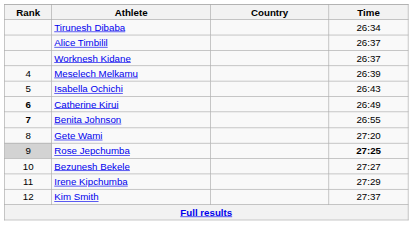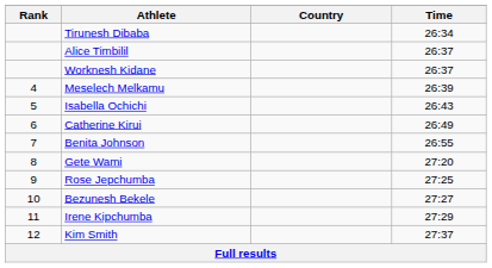 <table class="wikitable sortable" style=" text-align:center; font-size:95%;" width="50%">
 <tr>
 </tr>
 <tr>
 <th width=5%>Rank</th>
 <th width=20%>Athlete</th>
 <th width=15%>Country</th>
 <th width=10%>Time</th>
 </tr>
 <tr>
 <td align=center></td>
 <td align=left><a href='#'>Tirunesh Dibaba</a></td>
 <td align=left></td>
 <td>26:34</td>
 </tr>
 <tr>
 <td align=center></td>
 <td align=left><a href='#'>Alice Timbilil</a></td>
 <td align=left></td>
 <td>26:37</td>
 </tr>
 <tr>
 <td align=center></td>
 <td align=left><a href='#'>Worknesh Kidane</a></td>
 <td align=left></td>
 <td>26:37</td>
 </tr>
 <tr>
 <td align=center>4</td>
 <td align=left><a href='#'>Meselech Melkamu</a></td>
 <td align=left></td>
 <td>26:39</td>
 </tr>
 <tr>
 <td align=center>5</td>
 <td align=left><a href='#'>Isabella Ochichi</a></td>
 <td align=left></td>
 <td>26:43</td>
 </tr>
 <tr>
-<td align=center><strong>6</strong></td>
+<td align=center>6</td>
 <td align=left><a href='#'>Catherine Kirui</a></td>
 <td align=left></td>
 <td>26:49</td>
 </tr>
 <tr>
-<td align=center><strong>7</strong></td>
+<td align=center>7</td>
 <td align=left><a href='#'>Benita Johnson</a></td>
 <td align=left></td>
 <td>26:55</td>
 </tr>
 <tr>
 <td align=center>8</td>
 <td align=left><a href='#'>Gete Wami</a></td>
 <td align=left></td>
 <td>27:20</td>
 </tr>
 <tr>
-<td align=center style="background: lightgrey;">9</td>
+<td align=center>9</td>
 <td align=left><a href='#'>Rose Jepchumba</a></td>
 <td align=left></td>
-<td><strong>27:25</strong></td>
+<td>27:25</td>
 </tr>
 <tr>
 <td align=center>10</td>
 <td align=left><a href='#'>Bezunesh Bekele</a></td>
 <td align=left></td>
 <td>27:27</td>
 </tr>
 <tr>
 <td align=center>11</td>
 <td align=left><a href='#'>Irene Kipchumba</a></td>
 <td align=left></td>
 <td>27:29</td>
 </tr>
 <tr>
 <td align=center>12</td>
 <td align=left><a href='#'>Kim Smith</a></td>
 <td align=left></td>
 <td>27:37</td>
 </tr>
 <tr class="sortbottom">
 <th colspan=4 align=center><a href='#'>Full results</a></th>
 </tr>
 </table>
